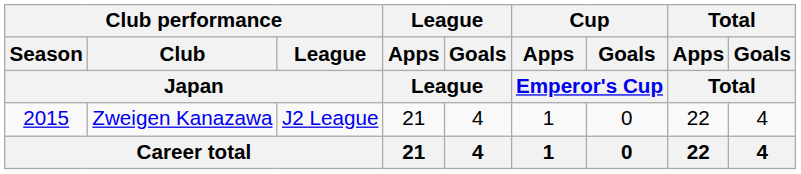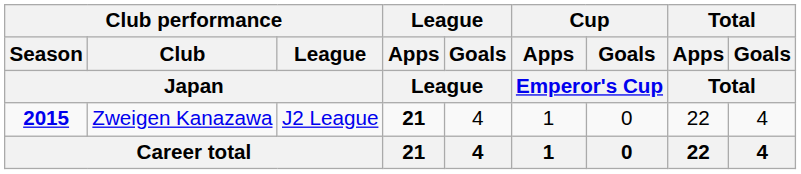 <table class="wikitable" style="text-align:center">
 <tr>
 <th colspan=3>Club performance</th>
 <th colspan=2>League</th>
 <th colspan=2>Cup</th>
 <th colspan=2>Total</th>
 </tr>
 <tr>
 <th>Season</th>
 <th>Club</th>
 <th>League</th>
 <th>Apps</th>
 <th>Goals</th>
 <th>Apps</th>
 <th>Goals</th>
 <th>Apps</th>
 <th>Goals</th>
 </tr>
 <tr>
 <th colspan=3>Japan</th>
 <th colspan=2>League</th>
 <th colspan=2><a href='#'>Emperor's Cup</a></th>
 <th colspan=2>Total</th>
 </tr>
 <tr>
-<td><a href='#'>2015</a></td>
+<td><strong><a href='#'>2015</a></strong></td>
 <td rowspan="1"><a href='#'>Zweigen Kanazawa</a></td>
 <td rowspan="1"><a href='#'>J2 League</a></td>
-<td>21</td>
+<td><strong>21</strong></td>
 <td>4</td>
 <td>1</td>
 <td>0</td>
 <td>22</td>
 <td>4</td>
 </tr>
 <tr>
 <th colspan=3>Career total</th>
 <th>21</th>
 <th>4</th>
 <th>1</th>
 <th>0</th>
 <th>22</th>
 <th>4</th>
 </tr>
 </table>
